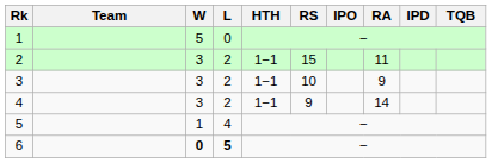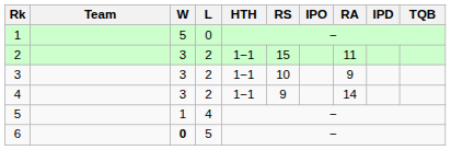 <table class=wikitable style=text-align:center>
 <tr>
 <th width=25>Rk</th>
 <th width=170>Team</th>
 <th width=25>W</th>
 <th width=25>L</th>
 <th width=50>HTH</th>
 <th width=35>RS</th>
 <th width=35>IPO</th>
 <th width=35>RA</th>
 <th width=35>IPD</th>
 <th width=50>TQB</th>
 </tr>
 <tr style="background-color:#ccffcc;">
 <td>1</td>
 <td style="text-align:left;"></td>
 <td>5</td>
 <td>0</td>
 <td colspan="6" style="text-align: center;">−</td>
 </tr>
 <tr style="background-color:#ccffcc;">
 <td>2</td>
 <td style="text-align:left;"></td>
 <td>3</td>
 <td>2</td>
 <td>1−1</td>
 <td>15</td>
 <td></td>
 <td>11</td>
 <td></td>
 <td></td>
 </tr>
 <tr>
 <td>3</td>
 <td style="text-align:left;"></td>
 <td>3</td>
 <td>2</td>
 <td>1−1</td>
 <td>10</td>
 <td></td>
 <td>9</td>
 <td></td>
 <td></td>
 </tr>
 <tr>
 <td>4</td>
 <td style="text-align:left;"></td>
 <td>3</td>
 <td>2</td>
 <td>1−1</td>
 <td>9</td>
 <td></td>
 <td>14</td>
 <td></td>
 <td></td>
 </tr>
 <tr>
 <td>5</td>
 <td style="text-align:left;"></td>
 <td>1</td>
 <td>4</td>
 <td colspan="6" style="text-align: center;">−</td>
 </tr>
 <tr>
 <td>6</td>
 <td style="text-align:left;"></td>
 <td><strong>0</strong></td>
-<td><strong>5</strong></td>
+<td>5</td>
 <td colspan="6" style="text-align: center;">−</td>
 </tr>
 </table>
